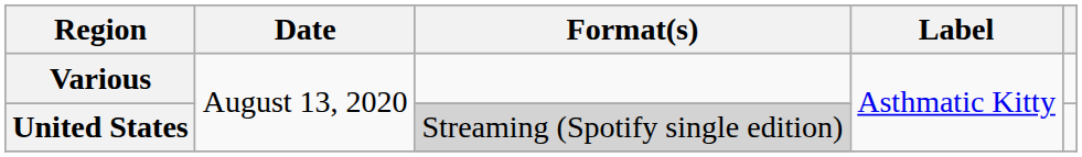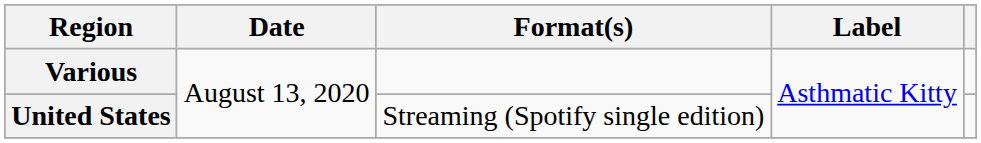 <table class="wikitable plainrowheaders">
 <tr>
 <th scope="col">Region</th>
 <th scope="col">Date</th>
 <th scope="col">Format(s)</th>
 <th scope="col">Label</th>
 <th scope="col"></th>
 </tr>
 <tr>
 <th scope="row">Various</th>
 <td rowspan="2">August 13, 2020</td>
 <td></td>
 <td rowspan="2"><a href='#'>Asthmatic Kitty</a></td>
 <td style="text-align:center;"></td>
 </tr>
 <tr>
 <th scope="row">United States</th>
-<td style="background: lightgrey;">Streaming (Spotify single edition)</td>
+<td>Streaming (Spotify single edition)</td>
 <td style="text-align:center;"></td>
 </tr>
 </table>
